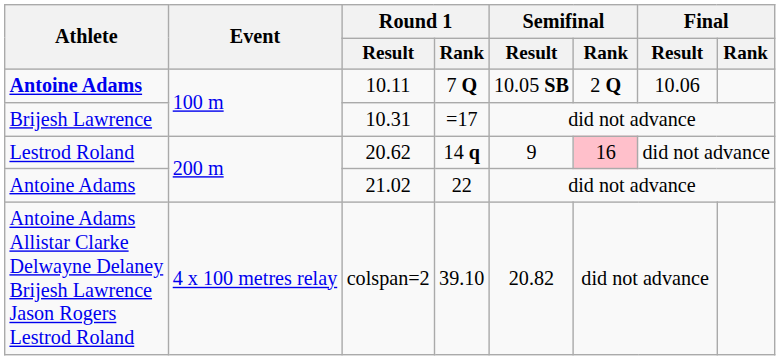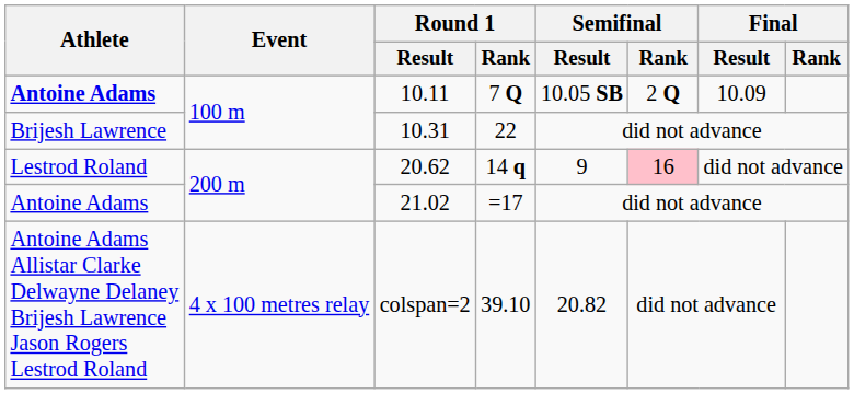 <table class=wikitable style="font-size:90%">
 <tr>
 <th rowspan="2">Athlete</th>
 <th rowspan="2">Event</th>
 <th colspan="2">Round 1</th>
 <th colspan="2">Semifinal</th>
 <th colspan="2">Final</th>
 </tr>
 <tr style="font-size:95%">
 <th>Result</th>
 <th>Rank</th>
 <th>Result</th>
 <th>Rank</th>
 <th>Result</th>
 <th>Rank</th>
 </tr>
 <tr align=center>
 <td align=left><strong><a href='#'>Antoine Adams</a></strong></td>
 <td align=left rowspan="2"><a href='#'>100 m</a></td>
 <td>10.11</td>
 <td>7 <strong>Q</strong></td>
 <td>10.05 <strong>SB</strong></td>
 <td>2 <strong>Q</strong></td>
-<td>10.06</td>
+<td>10.09</td>
 <td></td>
 </tr>
 <tr align=center>
 <td align=left><a href='#'>Brijesh Lawrence</a></td>
 <td>10.31</td>
-<td>=17</td>
+<td>22</td>
 <td colspan=4>did not advance</td>
 </tr>
 <tr align=center>
 <td align=left><a href='#'>Lestrod Roland</a></td>
 <td align=left rowspan="2"><a href='#'>200 m</a></td>
 <td>20.62</td>
 <td>14 <strong>q</strong></td>
 <td>9</td>
 <td style="background: pink;">16</td>
 <td colspan=2>did not advance</td>
 </tr>
 <tr align=center>
 <td align=left><a href='#'>Antoine Adams</a></td>
 <td>21.02</td>
-<td>22</td>
+<td>=17</td>
 <td colspan=4>did not advance</td>
 </tr>
 <tr align=center>
 <td align=left><a href='#'>Antoine Adams</a><br><a href='#'>Allistar Clarke</a><br><a href='#'>Delwayne Delaney</a><br><a href='#'>Brijesh Lawrence</a><br><a href='#'>Jason Rogers</a><br><a href='#'>Lestrod Roland</a></td>
 <td align=left><a href='#'>4 x 100 metres relay</a></td>
 <td>colspan=2 </td>
 <td>39.10</td>
 <td>20.82</td>
 <td colspan=2>did not advance</td>
 </tr>
 </table>
